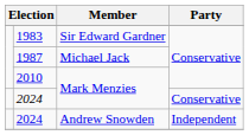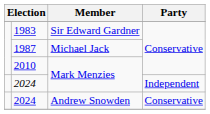 <table class="wikitable">
 <tr>
 <th colspan="2">Election</th>
 <th>Member</th>
 <th>Party</th>
 </tr>
 <tr>
 </tr>
 <tr>
 <td rowspan=3 style="color:inherit;background-color: "></td>
 <td><a href='#'>1983</a></td>
 <td><a href='#'>Sir Edward Gardner</a></td>
 <td rowspan=3><a href='#'>Conservative</a></td>
 </tr>
 <tr>
 <td><a href='#'>1987</a></td>
 <td><a href='#'>Michael Jack</a></td>
 </tr>
 <tr>
 <td><a href='#'>2010</a></td>
 <td rowspan=2><a href='#'>Mark Menzies</a></td>
 </tr>
 <tr>
 <td style="color:inherit;background-color: "></td>
 <td><em>2024</em></td>
-<td><a href='#'>Conservative</a></td>
+<td><a href='#'>Independent</a></td>
 </tr>
 <tr>
 <td style="color:inherit;background-color: "></td>
 <td><a href='#'>2024</a></td>
 <td><a href='#'>Andrew Snowden</a></td>
-<td><a href='#'>Independent</a></td>
+<td><a href='#'>Conservative</a></td>
 </tr>
 <tr>
 </tr>
 </table>
